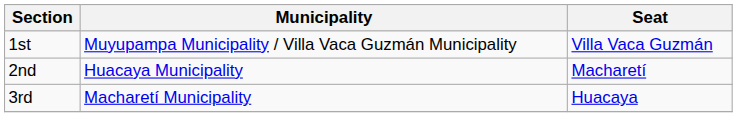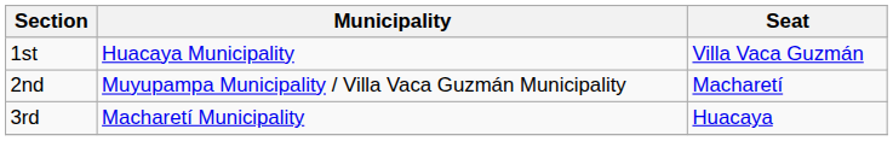 <table class="wikitable" border="1" style="width:35%;" border="1">
 <tr bgcolor=silver>
 <th><strong>Section</strong></th>
 <th><strong>Municipality</strong></th>
 <th><strong>Seat</strong></th>
 </tr>
 <tr>
 <td>1st</td>
-<td><a href='#'>Muyupampa Municipality</a> / Villa Vaca Guzmán  Municipality</td>
+<td><a href='#'>Huacaya Municipality</a></td>
 <td><a href='#'>Villa Vaca Guzmán</a></td>
 </tr>
 <tr>
 <td>2nd</td>
-<td><a href='#'>Huacaya Municipality</a></td>
+<td><a href='#'>Muyupampa Municipality</a> / Villa Vaca Guzmán  Municipality</td>
 <td><a href='#'>Macharetí</a></td>
 </tr>
 <tr>
 <td>3rd</td>
 <td><a href='#'>Macharetí Municipality</a></td>
 <td><a href='#'>Huacaya</a></td>
 </tr>
 <tr>
 </tr>
 </table>
